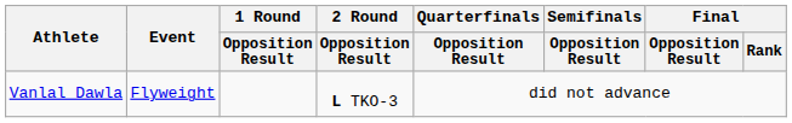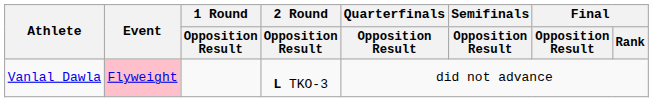 <table class="wikitable" style="font-size:90%">
 <tr>
 <th rowspan="2">Athlete</th>
 <th rowspan="2">Event</th>
 <th>1 Round</th>
 <th>2 Round</th>
 <th>Quarterfinals</th>
 <th>Semifinals</th>
 <th colspan=2>Final</th>
 </tr>
 <tr style="font-size:95%">
 <th>Opposition<br>Result</th>
 <th>Opposition<br>Result</th>
 <th>Opposition<br>Result</th>
 <th>Opposition<br>Result</th>
 <th>Opposition<br>Result</th>
 <th>Rank</th>
 </tr>
 <tr align=center>
 <td align=left><a href='#'>Vanlal Dawla</a></td>
-<td align=left><a href='#'>Flyweight</a></td>
+<td align=left style="background: pink;"><a href='#'>Flyweight</a></td>
 <td></td>
 <td><br><strong>L</strong> TKO-3</td>
 <td colspan=5>did not advance</td>
 </tr>
 </table>
